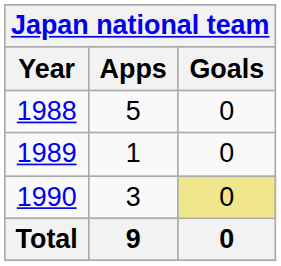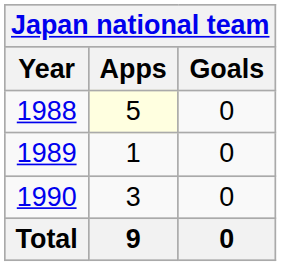 <table class="wikitable" style="text-align:center">
 <tr>
 <th colspan=3><a href='#'>Japan national team</a></th>
 </tr>
 <tr>
 <th>Year</th>
 <th>Apps</th>
 <th>Goals</th>
 </tr>
 <tr>
 <td><a href='#'>1988</a></td>
-<td>5</td>
+<td style="background: lightyellow;">5</td>
 <td>0</td>
 </tr>
 <tr>
 <td><a href='#'>1989</a></td>
 <td>1</td>
 <td>0</td>
 </tr>
 <tr>
 <td><a href='#'>1990</a></td>
 <td>3</td>
-<td style="background: khaki;">0</td>
+<td>0</td>
 </tr>
 <tr>
 <th>Total</th>
 <th>9</th>
 <th>0</th>
 </tr>
 </table>
